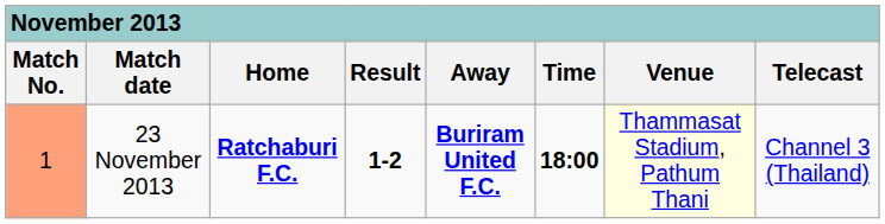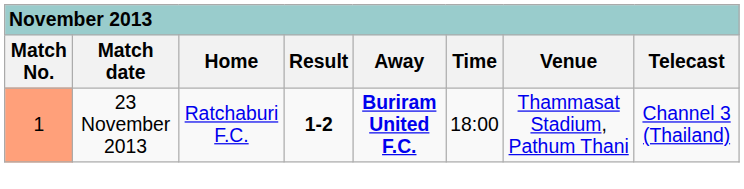 <table class="wikitable">
 <tr>
 <td colspan="10" style="background-color:#99CCCC"><strong>November 2013 </strong></td>
 </tr>
 <tr>
 <th>Match No.</th>
 <th>Match date</th>
 <th>Home</th>
 <th>Result</th>
 <th>Away</th>
 <th>Time</th>
 <th>Venue</th>
 <th>Telecast</th>
 </tr>
 <tr align=center>
 <td style="background: lightsalmon;">1</td>
 <td>23 November 2013</td>
-<td><strong><a href='#'>Ratchaburi F.C.</a></strong></td>
+<td><a href='#'>Ratchaburi F.C.</a></td>
 <td><strong>1-2</strong></td>
 <td><strong><a href='#'>Buriram United F.C.</a></strong></td>
-<td><strong>18:00</strong></td>
-<td style="background: lightyellow;"><a href='#'>Thammasat Stadium</a>, <a href='#'>Pathum Thani</a></td>
+<td>18:00</td>
+<td><a href='#'>Thammasat Stadium</a>, <a href='#'>Pathum Thani</a></td>
 <td><a href='#'>Channel 3 (Thailand)</a></td>
 </tr>
 </table>
